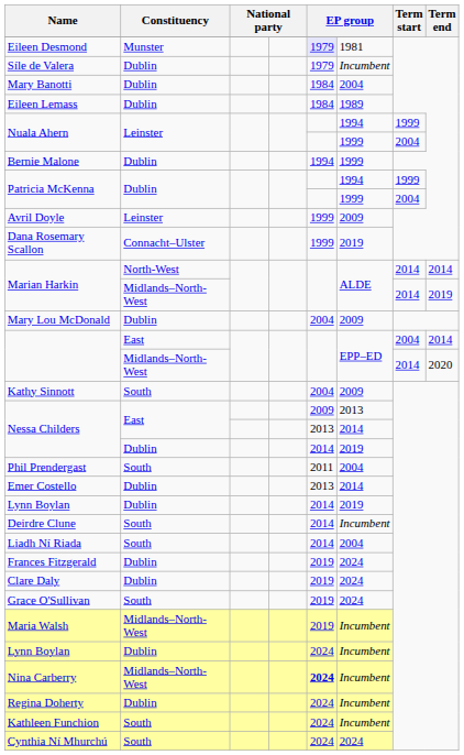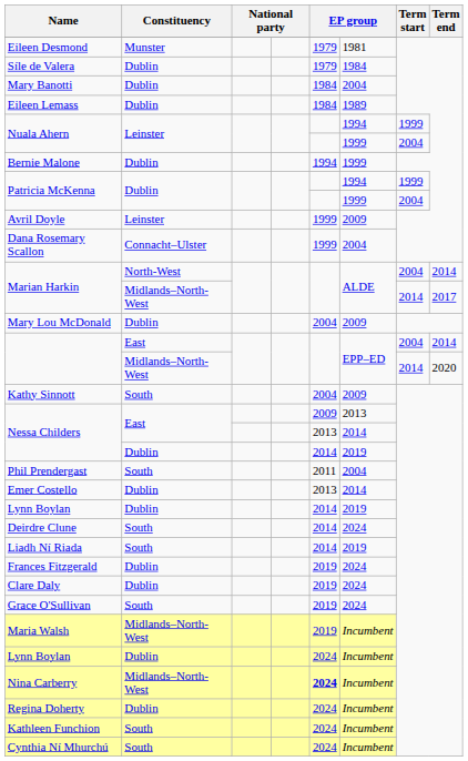 <table class="wikitable sortable">
 <tr>
 <th scope="col">Name</th>
 <th scope="col">Constituency</th>
 <th scope="col" colspan="2">National party</th>
 <th scope="col" colspan="2"><a href='#'>EP group</a></th>
 <th scope="col">Term<br>start</th>
 <th scope="col">Term<br>end</th>
 </tr>
 <tr>
 </tr>
 <tr>
 <td data-sort-value="Desmond, Eileen"><a href='#'>Eileen Desmond</a></td>
 <td><a href='#'>Munster</a></td>
 <td></td>
 <td></td>
-<td style="background: lavender;"><a href='#'>1979</a></td>
+<td><a href='#'>1979</a></td>
 <td>1981 </td>
 </tr>
 <tr>
 <td data-sort-value="De Valera, Sile"><a href='#'>Síle de Valera</a></td>
 <td><a href='#'>Dublin</a></td>
 <td></td>
 <td></td>
 <td><a href='#'>1979</a></td>
-<td><em>Incumbent</em></td>
+<td><a href='#'>1984</a> </td>
 </tr>
 <tr>
 <td data-sort-value="Banotti, Mary"><a href='#'>Mary Banotti</a></td>
 <td><a href='#'>Dublin</a></td>
 <td></td>
 <td> </td>
 <td><a href='#'>1984</a></td>
 <td><a href='#'>2004</a> </td>
 </tr>
 <tr>
 <td data-sort-value="Lemass, Eileen"><a href='#'>Eileen Lemass</a></td>
 <td><a href='#'>Dublin</a></td>
 <td></td>
 <td></td>
 <td><a href='#'>1984</a></td>
 <td><a href='#'>1989</a> </td>
 </tr>
 <tr>
 <td rowspan="2" data-sort-value="Ahern, Nuala"><a href='#'>Nuala Ahern</a></td>
 <td rowspan="2"><a href='#'>Leinster</a></td>
 <td rowspan="2" style="background-color: "></td>
 <td rowspan="2"></td>
 <td></td>
 <td><a href='#'>1994</a></td>
 <td><a href='#'>1999</a></td>
 </tr>
 <tr>
 <td></td>
 <td><a href='#'>1999</a></td>
 <td><a href='#'>2004</a> </td>
 </tr>
 <tr>
 <td data-sort-value="Malone, Bernie"><a href='#'>Bernie Malone</a></td>
 <td><a href='#'>Dublin</a></td>
 <td></td>
 <td></td>
 <td><a href='#'>1994</a></td>
 <td><a href='#'>1999</a> </td>
 </tr>
 <tr>
 <td rowspan="2" data-sort-value="McKenna, Patricia"><a href='#'>Patricia McKenna</a></td>
 <td rowspan="2"><a href='#'>Dublin</a></td>
 <td rowspan="2" style="background-color: "></td>
 <td rowspan="2"></td>
 <td></td>
 <td><a href='#'>1994</a></td>
 <td><a href='#'>1999</a></td>
 </tr>
 <tr>
 <td></td>
 <td><a href='#'>1999</a></td>
 <td><a href='#'>2004</a> </td>
 </tr>
 <tr>
 <td data-sort-value="Doyle, Avril"><a href='#'>Avril Doyle</a></td>
 <td><a href='#'>Leinster</a></td>
 <td></td>
 <td> </td>
 <td><a href='#'>1999</a></td>
 <td><a href='#'>2009</a> </td>
 </tr>
 <tr>
 <td data-sort-value="Scallon, Dana"><a href='#'>Dana Rosemary Scallon</a></td>
 <td><a href='#'>Connacht–Ulster</a></td>
 <td></td>
 <td> </td>
 <td><a href='#'>1999</a></td>
-<td><a href='#'>2019</a> </td>
+<td><a href='#'>2004</a> </td>
 </tr>
 <tr>
 <td rowspan="2"  data-sort-value="Harkin, Marian"><a href='#'>Marian Harkin</a></td>
 <td><a href='#'>North-West</a></td>
 <td rowspan="2" style="background-color: "></td>
 <td rowspan="2"></td>
 <td rowspan="2" style="background-color: "></td>
 <td rowspan="2"><a href='#'>ALDE</a></td>
-<td><a href='#'>2014</a></td>
+<td><a href='#'>2004</a></td>
 <td><a href='#'>2014</a> </td>
 </tr>
 <tr>
 <td><a href='#'>Midlands–North-West</a></td>
 <td><a href='#'>2014</a></td>
-<td><a href='#'>2019</a> </td>
+<td><a href='#'>2017</a> </td>
 </tr>
 <tr>
 <td data-sort-value="McDonald, Mary Lou"><a href='#'>Mary Lou McDonald</a></td>
 <td><a href='#'>Dublin</a></td>
 <td></td>
 <td></td>
 <td><a href='#'>2004</a></td>
 <td><a href='#'>2009</a> </td>
 </tr>
 <tr>
 <td rowspan="2" data-sort-value="McGuinness, Mairead"> </td>
 <td><a href='#'>East</a></td>
 <td rowspan="2" style="background-color: "></td>
 <td rowspan="2"></td>
 <td rowspan="2" style="background-color: "></td>
 <td rowspan="2"><a href='#'>EPP–ED</a></td>
 <td><a href='#'>2004</a></td>
 <td><a href='#'>2014</a></td>
 </tr>
 <tr>
 <td><a href='#'>Midlands–North-West</a></td>
 <td><a href='#'>2014</a></td>
 <td>2020 </td>
 </tr>
 <tr>
 <td data-sort-value="Sinnott, Kathy"><a href='#'>Kathy Sinnott</a></td>
 <td><a href='#'>South</a></td>
 <td></td>
 <td></td>
 <td><a href='#'>2004</a></td>
 <td><a href='#'>2009</a> </td>
 </tr>
 <tr>
 <td rowspan="3" data-sort-value="Childers, Nessa"><a href='#'>Nessa Childers</a></td>
 <td rowspan="2"><a href='#'>East</a></td>
 <td></td>
 <td></td>
 <td><a href='#'>2009</a></td>
 <td>2013 </td>
 </tr>
 <tr>
 <td></td>
 <td></td>
 <td>2013 </td>
 <td><a href='#'>2014</a></td>
 </tr>
 <tr>
 <td><a href='#'>Dublin</a> </td>
 <td></td>
 <td></td>
 <td><a href='#'>2014</a></td>
 <td><a href='#'>2019</a> </td>
 </tr>
 <tr>
 <td data-sort-value="Prendergast, Phil"><a href='#'>Phil Prendergast</a></td>
 <td><a href='#'>South</a></td>
 <td></td>
 <td></td>
 <td>2011 </td>
 <td><a href='#'>2004</a> </td>
 </tr>
 <tr>
 <td data-sort-value="Costello, Emer"><a href='#'>Emer Costello</a></td>
 <td><a href='#'>Dublin</a></td>
 <td></td>
 <td></td>
 <td>2013 </td>
 <td><a href='#'>2014</a> </td>
 </tr>
 <tr>
 <td data-sort-value="Boylan, Lynn"><a href='#'>Lynn Boylan</a></td>
 <td><a href='#'>Dublin</a></td>
 <td></td>
 <td></td>
 <td><a href='#'>2014</a></td>
 <td><a href='#'>2019</a> </td>
 </tr>
 <tr>
 <td data-sort-value="Clune, Deirdre"><a href='#'>Deirdre Clune</a></td>
 <td><a href='#'>South</a></td>
 <td></td>
 <td></td>
 <td><a href='#'>2014</a></td>
-<td><em>Incumbent</em></td>
+<td><a href='#'>2024</a> </td>
 </tr>
 <tr>
 <td data-sort-value="Ni Riada, Liadh"><a href='#'>Liadh Ní Riada</a></td>
 <td><a href='#'>South</a></td>
 <td></td>
 <td></td>
 <td><a href='#'>2014</a></td>
-<td><a href='#'>2004</a> </td>
+<td><a href='#'>2019</a> </td>
 </tr>
 <tr>
 <td data-sort-value="Fitzgerald, Fr"><a href='#'>Frances Fitzgerald</a></td>
 <td><a href='#'>Dublin</a></td>
 <td></td>
 <td></td>
 <td><a href='#'>2019</a></td>
 <td><a href='#'>2024</a></td>
 </tr>
 <tr>
 <td data-sort-value="Daly, Clare"><a href='#'>Clare Daly</a></td>
 <td><a href='#'>Dublin</a></td>
 <td></td>
 <td></td>
 <td><a href='#'>2019</a></td>
 <td><a href='#'>2024</a></td>
 </tr>
 <tr>
 <td data-sort-value="O'Sullivan, Grace"><a href='#'>Grace O'Sullivan</a></td>
 <td><a href='#'>South</a></td>
 <td></td>
 <td></td>
 <td><a href='#'>2019</a></td>
 <td><a href='#'>2024</a></td>
 </tr>
 <tr style="background-color:#ffffa1">
 <td data-sort-value="Walsh, Maria"><a href='#'>Maria Walsh</a></td>
 <td><a href='#'>Midlands–North-West</a></td>
 <td></td>
 <td></td>
 <td><a href='#'>2019</a></td>
 <td><em>Incumbent</em> </td>
 </tr>
 <tr style="background-color:#ffffa1">
 <td data-sort-value="Boylan, Lynn"><a href='#'>Lynn Boylan</a></td>
 <td><a href='#'>Dublin</a></td>
 <td></td>
 <td></td>
 <td><a href='#'>2024</a></td>
 <td><em>Incumbent</em></td>
 </tr>
 <tr style="background-color:#ffffa1">
 <td data-sort-value="Carberry, Nina"><a href='#'>Nina Carberry</a></td>
 <td><a href='#'>Midlands–North-West</a></td>
 <td></td>
 <td></td>
 <td><strong><a href='#'>2024</a></strong></td>
 <td><em>Incumbent</em></td>
 </tr>
 <tr style="background-color:#ffffa1">
 <td data-sort-value="Doherty, Regina"><a href='#'>Regina Doherty</a></td>
 <td><a href='#'>Dublin</a></td>
 <td></td>
 <td></td>
 <td><a href='#'>2024</a></td>
 <td><em>Incumbent</em></td>
 </tr>
 <tr style="background-color:#ffffa1">
 <td data-sort-value="Funchion, Kathleen"><a href='#'>Kathleen Funchion</a></td>
 <td><a href='#'>South</a></td>
 <td></td>
 <td></td>
 <td><a href='#'>2024</a></td>
 <td><em>Incumbent</em></td>
 </tr>
 <tr style="background-color:#ffffa1">
 <td data-sort-value="Ni Mhurchu, Cynthia"><a href='#'>Cynthia Ní Mhurchú</a></td>
 <td><a href='#'>South</a></td>
 <td></td>
 <td></td>
 <td><a href='#'>2024</a></td>
-<td><a href='#'>2024</a> </td>
+<td><em>Incumbent</em></td>
 </tr>
 </table>
